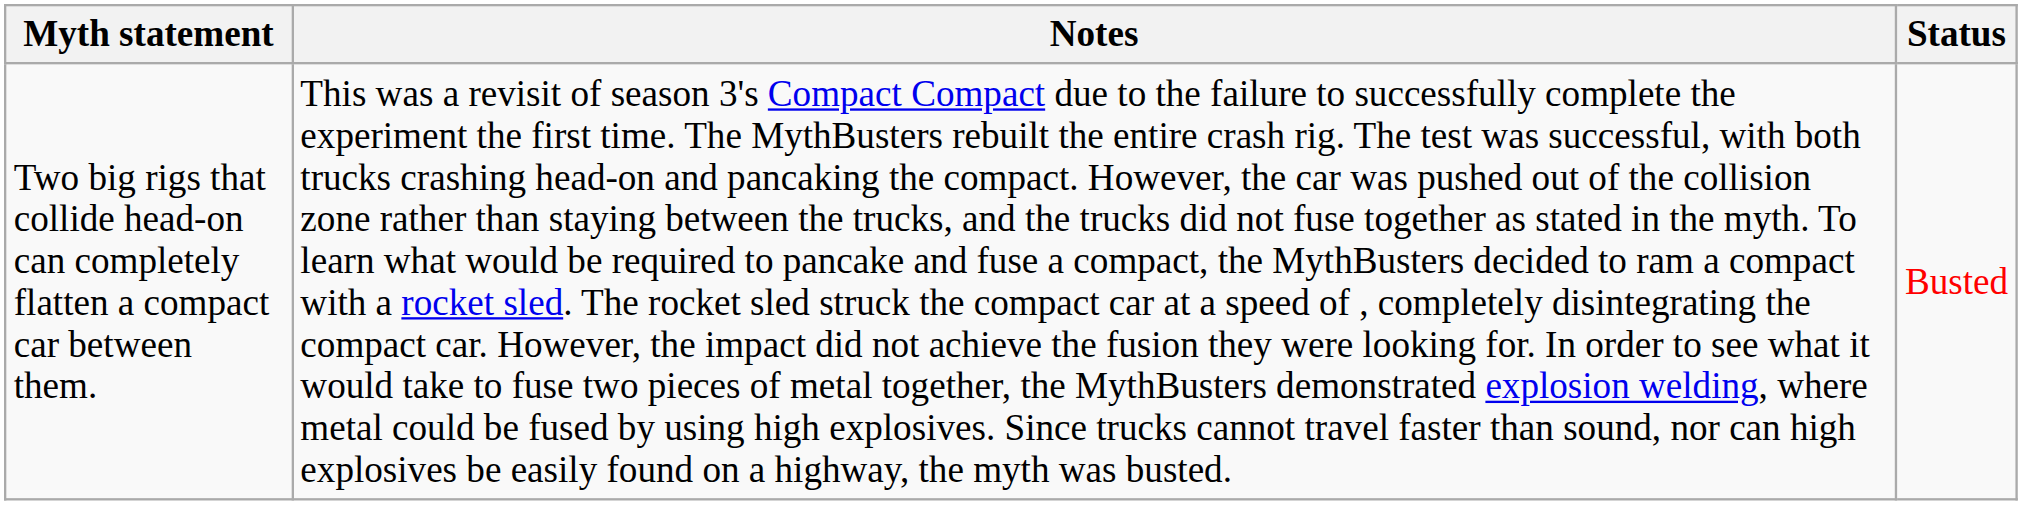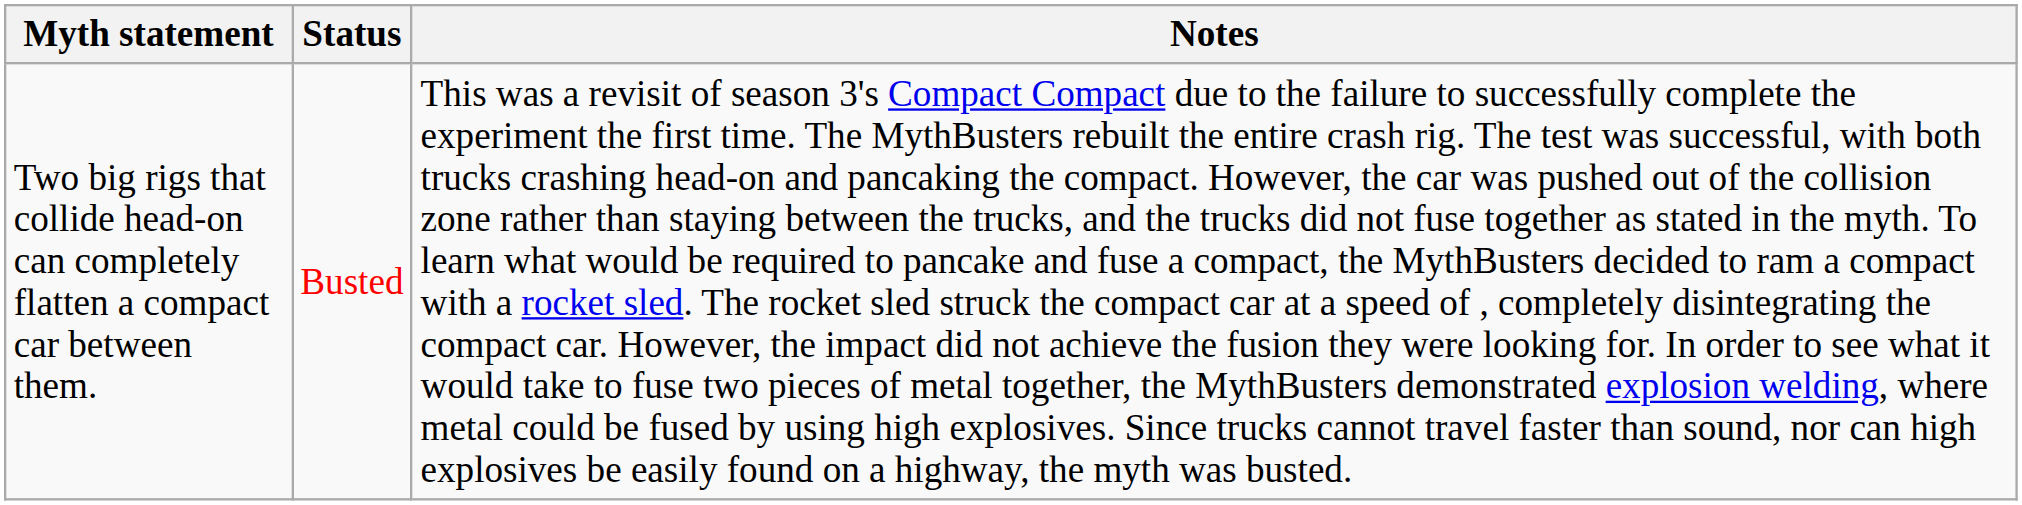 <table class="wikitable plainrowheaders">
 <tr>
 <th>Myth statement</th>
+<th>Status</th>
 <th>Notes</th>
-<th>Status</th>
 </tr>
 <tr>
 <td>Two big rigs that collide head-on can completely flatten a compact car between them.</td>
+<td style="color:red">Busted</td>
 <td>This was a revisit of season 3's <a href='#'>Compact Compact</a> due to the failure to successfully complete the experiment the first time. The MythBusters rebuilt the entire crash rig. The test was successful, with both trucks crashing head-on and pancaking the compact. However, the car was pushed out of the collision zone rather than staying between the trucks, and the trucks did not fuse together as stated in the myth. To learn what would be required to pancake and fuse a compact, the MythBusters decided to ram a compact with a <a href='#'>rocket sled</a>. The rocket sled struck the compact car at a speed of , completely disintegrating the compact car. However, the impact did not achieve the fusion they were looking for. In order to see what it would take to fuse two pieces of metal together, the MythBusters demonstrated <a href='#'>explosion welding</a>, where metal could be fused by using high explosives. Since trucks cannot travel faster than sound, nor can high explosives be easily found on a highway, the myth was busted.</td>
-<td style="color:red">Busted</td>
 </tr>
 </table>
